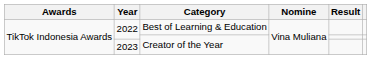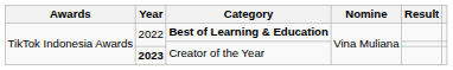 <table class="wikitable">
 <tr>
 <th>Awards</th>
 <th>Year</th>
 <th>Category</th>
 <th>Nomine</th>
 <th>Result</th>
 <th></th>
 </tr>
 <tr>
 <td rowspan="3">TikTok Indonesia Awards</td>
 <td rowspan="2">2022</td>
-<td>Best of Learning & Education</td>
+<td><strong>Best of Learning & Education</strong></td>
 <td rowspan="3">Vina Muliana</td>
 <td></td>
 <td></td>
 </tr>
 <tr>
 <td rowspan="2">Creator of the Year</td>
 <td></td>
 <td></td>
 </tr>
 <tr>
-<td>2023</td>
+<td><strong>2023</strong></td>
 <td></td>
 <td></td>
 </tr>
 </table>
